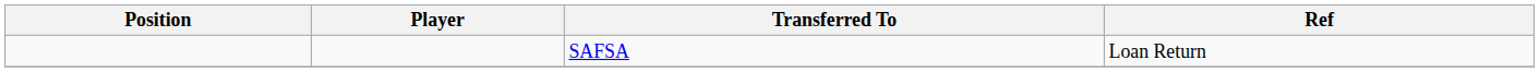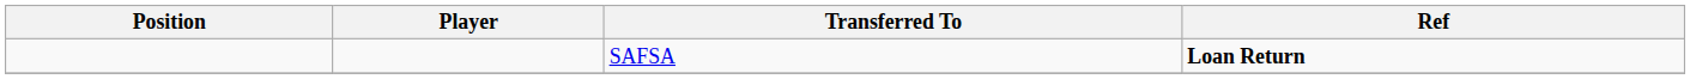 <table class="wikitable sortable" style="width:100%; text-align:center; font-size:100%; text-align:left;">
 <tr>
 <th><strong>Position</strong></th>
 <th><strong>Player</strong></th>
 <th><strong>Transferred To</strong></th>
 <th><strong>Ref</strong></th>
 </tr>
 <tr>
 <td></td>
 <td></td>
 <td> <a href='#'>SAFSA</a></td>
-<td>Loan Return</td>
+<td><strong>Loan Return</strong></td>
 </tr>
 <tr>
 </tr>
 </table>
